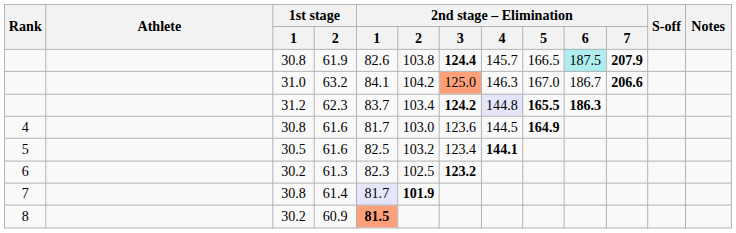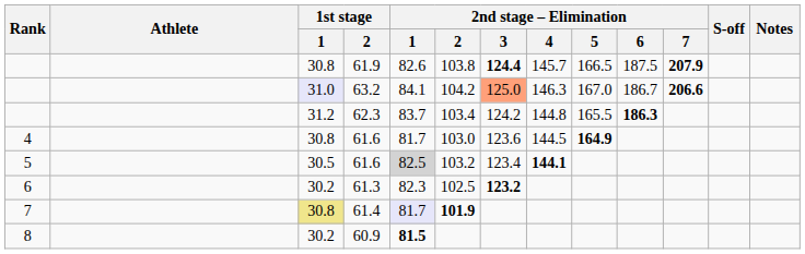 <table class="wikitable" style="text-align:center">
 <tr>
 <th rowspan=2 width=40>Rank</th>
 <th rowspan=2 width=250>Athlete</th>
 <th colspan=2>1st stage</th>
 <th colspan=7>2nd stage – Elimination</th>
 <th rowspan=2 width=35>S-off</th>
 <th rowspan=2 width=45>Notes</th>
 </tr>
 <tr>
 <th width=40>1</th>
 <th width=40>2</th>
 <th width=40>1</th>
 <th width=40>2</th>
 <th width=40>3</th>
 <th width=40>4</th>
 <th width=40>5</th>
 <th width=40>6</th>
 <th width=40>7</th>
 </tr>
 <tr>
 <td></td>
 <td align=left></td>
 <td>30.8</td>
 <td>61.9</td>
 <td>82.6</td>
 <td>103.8</td>
 <td><strong>124.4</strong></td>
 <td>145.7</td>
 <td>166.5</td>
-<td style="background: paleturquoise;">187.5</td>
+<td>187.5</td>
 <td><strong>207.9</strong></td>
 <td></td>
 <td></td>
 </tr>
 <tr>
 <td></td>
 <td align=left></td>
-<td>31.0</td>
+<td style="background: lavender;">31.0</td>
 <td>63.2</td>
 <td>84.1</td>
 <td>104.2</td>
 <td style="background: lightsalmon;">125.0</td>
 <td>146.3</td>
 <td>167.0</td>
 <td>186.7</td>
 <td><strong>206.6</strong></td>
 <td></td>
 <td></td>
 </tr>
 <tr>
 <td></td>
 <td align=left></td>
 <td>31.2</td>
 <td>62.3</td>
 <td>83.7</td>
 <td>103.4</td>
-<td><strong>124.2</strong></td>
-<td style="background: lavender;">144.8</td>
-<td><strong>165.5</strong></td>
+<td>124.2</td>
+<td>144.8</td>
+<td>165.5</td>
 <td><strong>186.3</strong></td>
 <td></td>
 <td></td>
 <td></td>
 </tr>
 <tr>
 <td>4</td>
 <td align=left></td>
 <td>30.8</td>
 <td>61.6</td>
 <td>81.7</td>
 <td>103.0</td>
 <td>123.6</td>
 <td>144.5</td>
 <td><strong>164.9</strong></td>
 <td></td>
 <td></td>
 <td></td>
 <td></td>
 </tr>
 <tr>
 <td>5</td>
 <td align=left></td>
 <td>30.5</td>
 <td>61.6</td>
-<td>82.5</td>
+<td style="background: lightgrey;">82.5</td>
 <td>103.2</td>
 <td>123.4</td>
 <td><strong>144.1</strong></td>
 <td></td>
 <td></td>
 <td></td>
 <td></td>
 <td></td>
 </tr>
 <tr>
 <td>6</td>
 <td align=left></td>
 <td>30.2</td>
 <td>61.3</td>
 <td>82.3</td>
 <td>102.5</td>
 <td><strong>123.2</strong></td>
 <td></td>
 <td></td>
 <td></td>
 <td></td>
 <td></td>
 <td></td>
 </tr>
 <tr>
 <td>7</td>
 <td align=left></td>
-<td>30.8</td>
+<td style="background: khaki;">30.8</td>
 <td>61.4</td>
 <td style="background: lavender;">81.7</td>
 <td><strong>101.9</strong></td>
 <td></td>
 <td></td>
 <td></td>
 <td></td>
 <td></td>
 <td></td>
 <td></td>
 </tr>
 <tr>
 <td>8</td>
 <td align=left></td>
 <td>30.2</td>
 <td>60.9</td>
-<td style="background: lightsalmon;"><strong>81.5</strong></td>
+<td><strong>81.5</strong></td>
 <td></td>
 <td></td>
 <td></td>
 <td></td>
 <td></td>
 <td></td>
 <td></td>
 <td></td>
 </tr>
 </table>
